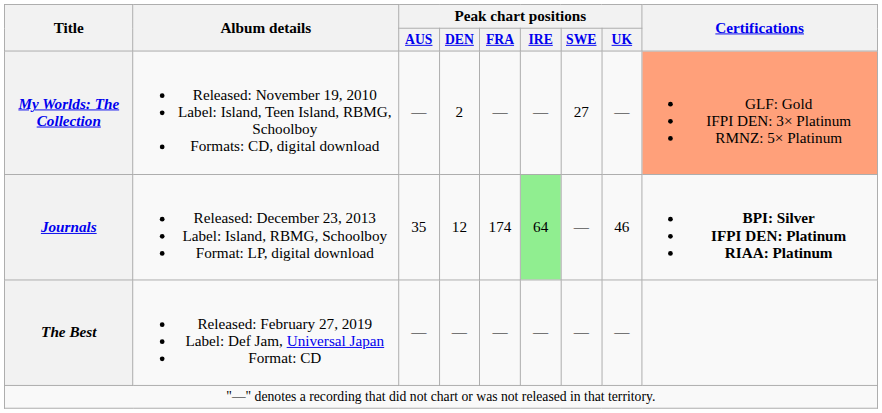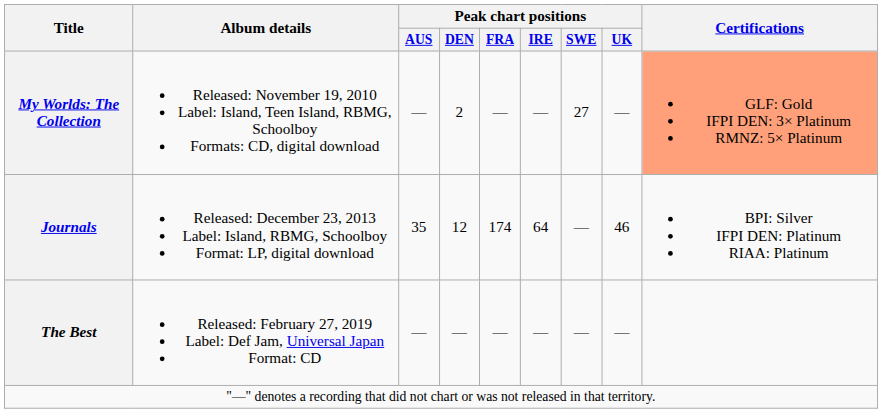 <table class="wikitable plainrowheaders" style="text-align:center;">
 <tr>
 <th scope="col" rowspan="2" style="width:8em;">Title</th>
 <th scope="col" rowspan="2" style="width:17em;">Album details</th>
 <th scope="col" colspan="6">Peak chart positions</th>
 <th scope="col" rowspan="2" style="width:15em;"><a href='#'>Certifications</a></th>
 </tr>
 <tr>
 <th scope="col" style="width:2.5em;font-size:90%;"><a href='#'>AUS</a><br></th>
 <th scope="col" style="width:2.5em;font-size:90%;"><a href='#'>DEN</a><br></th>
 <th scope="col" style="width:2.5em;font-size:90%;"><a href='#'>FRA</a><br></th>
 <th scope="col" style="width:2.5em;font-size:90%;"><a href='#'>IRE</a><br></th>
 <th scope="col" style="width:2.5em;font-size:90%;"><a href='#'>SWE</a><br></th>
 <th scope="col" style="width:2.5em;font-size:90%;"><a href='#'>UK</a><br></th>
 </tr>
 <tr>
 <th scope="row"><em><a href='#'>My Worlds: The Collection</a></em></th>
 <td><br><ul><li>Released: November 19, 2010</li><li>Label: Island, Teen Island, RBMG, Schoolboy</li><li>Formats: CD, digital download</li></ul></td>
 <td>—</td>
 <td>2</td>
 <td>—</td>
 <td>—</td>
 <td>27</td>
 <td>—</td>
 <td style="background: lightsalmon;"><br><ul><li>GLF: Gold</li><li>IFPI DEN: 3× Platinum</li><li>RMNZ: 5× Platinum</li></ul></td>
 </tr>
 <tr>
 <th scope="row"><em><a href='#'>Journals</a></em></th>
 <td><br><ul><li>Released: December 23, 2013</li><li>Label: Island, RBMG, Schoolboy</li><li>Format: LP, digital download</li></ul></td>
 <td>35</td>
 <td>12</td>
 <td>174</td>
-<td style="background: lightgreen;">64</td>
+<td>64</td>
 <td>—</td>
 <td>46</td>
-<td><strong><br><ul><li>BPI: Silver</li><li>IFPI DEN: Platinum</li><li>RIAA: Platinum</li></ul></strong></td>
+<td><br><ul><li>BPI: Silver</li><li>IFPI DEN: Platinum</li><li>RIAA: Platinum</li></ul></td>
 </tr>
 <tr>
 <th scope="row"><em>The Best</em></th>
 <td><br><ul><li>Released: February 27, 2019 </li><li>Label: Def Jam, <a href='#'>Universal Japan</a></li><li>Format: CD</li></ul></td>
 <td>—</td>
 <td>—</td>
 <td>—</td>
 <td>—</td>
 <td>—</td>
 <td>—</td>
 <td></td>
 </tr>
 <tr>
 <td colspan="9" style="font-size:90%">"—" denotes a recording that did not chart or was not released in that territory.</td>
 </tr>
 </table>
